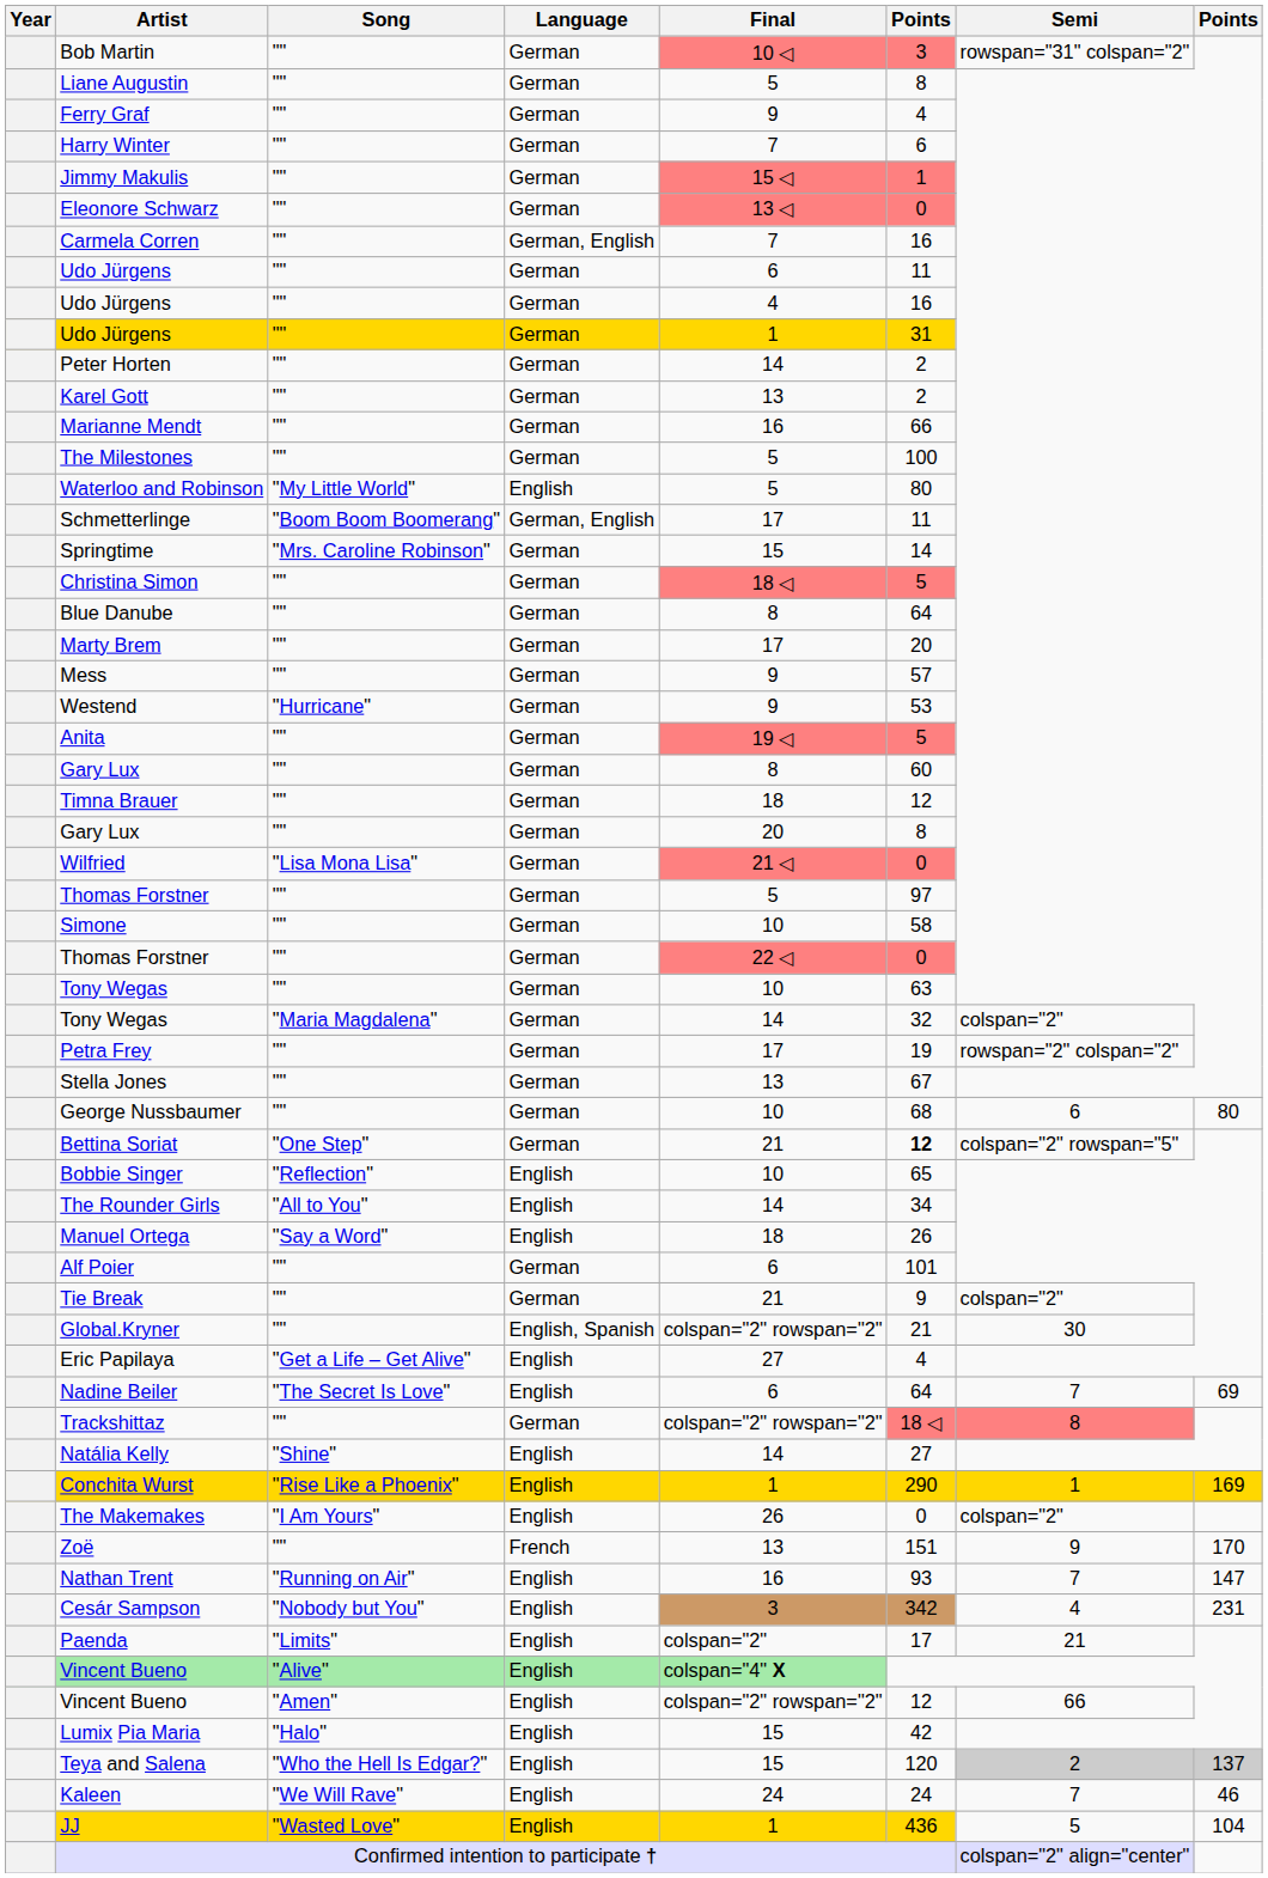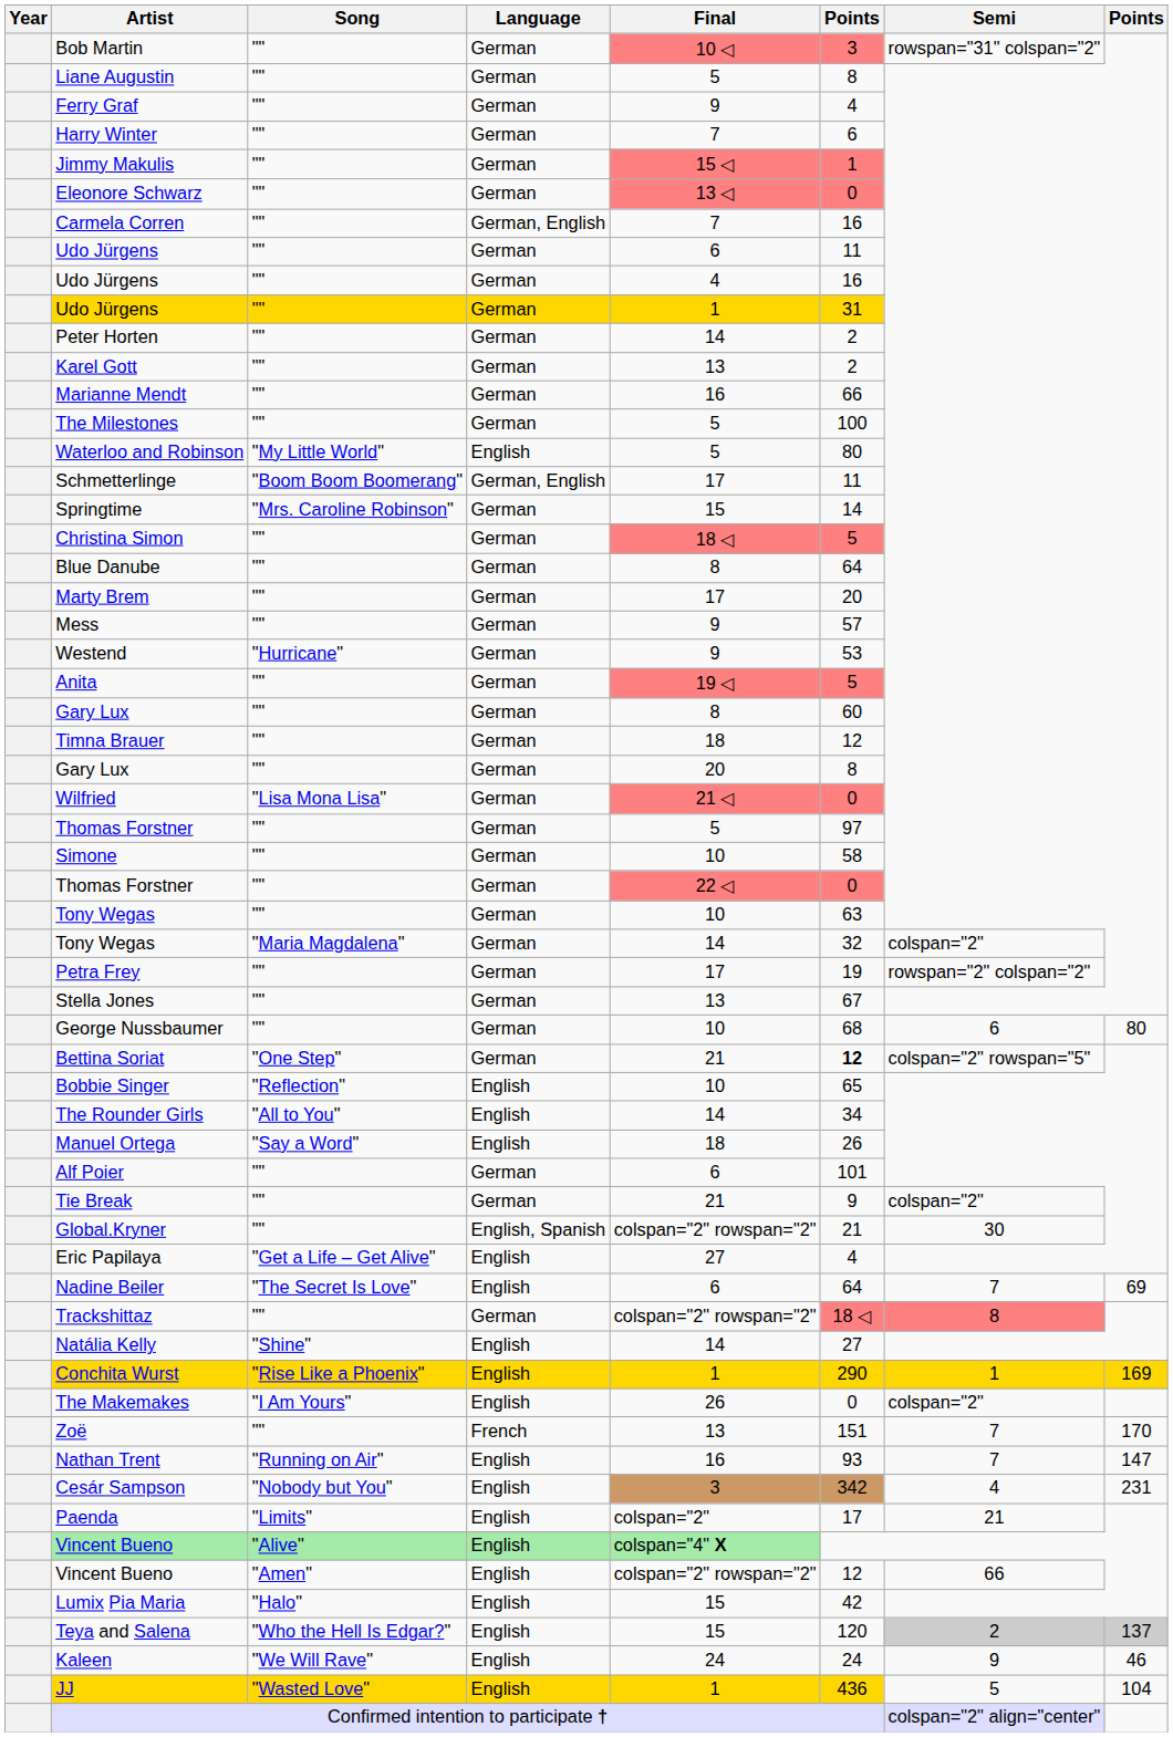 <table class="wikitable sortable plainrowheaders">
 <tr>
 <th scope="col">Year</th>
 <th scope="col">Artist</th>
 <th scope="col">Song</th>
 <th scope="col">Language</th>
 <th scope="col" data-sort-type="number">Final</th>
 <th scope="col" data-sort-type="number">Points</th>
 <th scope="col" data-sort-type="number">Semi</th>
 <th scope="col" data-sort-type="number">Points</th>
 </tr>
 <tr>
 <th scope="row" style="text-align:center;"></th>
 <td>Bob Martin</td>
 <td>""</td>
 <td>German</td>
 <td style="text-align:center; background-color:#FE8080;">10 ◁</td>
 <td style="text-align:center; background-color:#FE8080;">3</td>
 <td>rowspan="31" colspan="2" </td>
 </tr>
 <tr>
 <th scope="row" style="text-align:center;"></th>
 <td><a href='#'>Liane Augustin</a></td>
 <td>""</td>
 <td>German</td>
 <td style="text-align:center;">5</td>
 <td style="text-align:center;">8</td>
 </tr>
 <tr>
 <th scope="row" style="text-align:center;"></th>
 <td><a href='#'>Ferry Graf</a></td>
 <td>""</td>
 <td>German</td>
 <td style="text-align:center;">9</td>
 <td style="text-align:center;">4</td>
 </tr>
 <tr>
 <th scope="row" style="text-align:center;"></th>
 <td><a href='#'>Harry Winter</a></td>
 <td>""</td>
 <td>German</td>
 <td style="text-align:center;">7</td>
 <td style="text-align:center;">6</td>
 </tr>
 <tr>
 <th scope="row" style="text-align:center;"></th>
 <td><a href='#'>Jimmy Makulis</a></td>
 <td>""</td>
 <td>German</td>
 <td style="text-align:center; background-color:#FE8080;">15 ◁</td>
 <td style="text-align:center; background-color:#FE8080;">1</td>
 </tr>
 <tr>
 <th scope="row" style="text-align:center;"></th>
 <td><a href='#'>Eleonore Schwarz</a></td>
 <td>""</td>
 <td>German</td>
 <td style="text-align:center; background-color:#FE8080;">13 ◁</td>
 <td style="text-align:center; background-color:#FE8080;">0</td>
 </tr>
 <tr>
 <th scope="row" style="text-align:center;"></th>
 <td><a href='#'>Carmela Corren</a></td>
 <td>""</td>
 <td>German, English</td>
 <td style="text-align:center;">7</td>
 <td style="text-align:center;">16</td>
 </tr>
 <tr>
 <th scope="row" style="text-align:center;"></th>
 <td><a href='#'>Udo Jürgens</a></td>
 <td>""</td>
 <td>German</td>
 <td style="text-align:center;">6</td>
 <td style="text-align:center;">11</td>
 </tr>
 <tr>
 <th scope="row" style="text-align:center;"></th>
 <td>Udo Jürgens</td>
 <td>""</td>
 <td>German</td>
 <td style="text-align:center;">4</td>
 <td style="text-align:center;">16</td>
 </tr>
 <tr style="background-color:#FFD700">
 <th scope="row" style="text-align:center;"></th>
 <td>Udo Jürgens</td>
 <td>""</td>
 <td>German</td>
 <td style="text-align:center;">1</td>
 <td style="text-align:center;">31</td>
 </tr>
 <tr>
 <th scope="row" style="text-align:center;"></th>
 <td>Peter Horten</td>
 <td>""</td>
 <td>German</td>
 <td style="text-align:center;">14</td>
 <td style="text-align:center;">2</td>
 </tr>
 <tr>
 <th scope="row" style="text-align:center;"></th>
 <td><a href='#'>Karel Gott</a></td>
 <td>""</td>
 <td>German</td>
 <td style="text-align:center;">13</td>
 <td style="text-align:center;">2</td>
 </tr>
 <tr>
 <th scope="row" style="text-align:center;"></th>
 <td><a href='#'>Marianne Mendt</a></td>
 <td>""</td>
 <td>German</td>
 <td style="text-align:center;">16</td>
 <td style="text-align:center;">66</td>
 </tr>
 <tr>
 <th scope="row" style="text-align:center;"></th>
 <td><a href='#'>The Milestones</a></td>
 <td>""</td>
 <td>German</td>
 <td style="text-align:center;">5</td>
 <td style="text-align:center;">100</td>
 </tr>
 <tr>
 <th scope="row" style="text-align:center;"></th>
 <td><a href='#'>Waterloo and Robinson</a></td>
 <td>"<a href='#'>My Little World</a>"</td>
 <td>English</td>
 <td style="text-align:center;">5</td>
 <td style="text-align:center;">80</td>
 </tr>
 <tr>
 <th scope="row" style="text-align:center;"></th>
 <td>Schmetterlinge</td>
 <td>"<a href='#'>Boom Boom Boomerang</a>"</td>
 <td>German, English</td>
 <td style="text-align:center;">17</td>
 <td style="text-align:center;">11</td>
 </tr>
 <tr>
 <th scope="row" style="text-align:center;"></th>
 <td>Springtime</td>
 <td>"<a href='#'>Mrs. Caroline Robinson</a>"</td>
 <td>German</td>
 <td style="text-align:center;">15</td>
 <td style="text-align:center;">14</td>
 </tr>
 <tr>
 <th scope="row" style="text-align:center;"></th>
 <td><a href='#'>Christina Simon</a></td>
 <td>""</td>
 <td>German</td>
 <td style="text-align:center; background-color:#FE8080;">18 ◁</td>
 <td style="text-align:center; background-color:#FE8080;">5</td>
 </tr>
 <tr>
 <th scope="row" style="text-align:center;"></th>
 <td>Blue Danube</td>
 <td>""</td>
 <td>German</td>
 <td style="text-align:center;">8</td>
 <td style="text-align:center;">64</td>
 </tr>
 <tr>
 <th scope="row" style="text-align:center;"></th>
 <td><a href='#'>Marty Brem</a></td>
 <td>""</td>
 <td>German</td>
 <td style="text-align:center;">17</td>
 <td style="text-align:center;">20</td>
 </tr>
 <tr>
 <th scope="row" style="text-align:center;"></th>
 <td>Mess</td>
 <td>""</td>
 <td>German</td>
 <td style="text-align:center;">9</td>
 <td style="text-align:center;">57</td>
 </tr>
 <tr>
 <th scope="row" style="text-align:center;"></th>
 <td>Westend</td>
 <td>"<a href='#'>Hurricane</a>"</td>
 <td>German</td>
 <td style="text-align:center;">9</td>
 <td style="text-align:center;">53</td>
 </tr>
 <tr>
 <th scope="row" style="text-align:center;"></th>
 <td><a href='#'>Anita</a></td>
 <td>""</td>
 <td>German</td>
 <td style="text-align:center; background-color:#FE8080;">19 ◁</td>
 <td style="text-align:center; background-color:#FE8080;">5</td>
 </tr>
 <tr>
 <th scope="row" style="text-align:center;"></th>
 <td><a href='#'>Gary Lux</a></td>
 <td>""</td>
 <td>German</td>
 <td style="text-align:center;">8</td>
 <td style="text-align:center;">60</td>
 </tr>
 <tr>
 <th scope="row" style="text-align:center;"></th>
 <td><a href='#'>Timna Brauer</a></td>
 <td>""</td>
 <td>German</td>
 <td style="text-align:center;">18</td>
 <td style="text-align:center;">12</td>
 </tr>
 <tr>
 <th scope="row" style="text-align:center;"></th>
 <td>Gary Lux</td>
 <td>""</td>
 <td>German</td>
 <td style="text-align:center;">20</td>
 <td style="text-align:center;">8</td>
 </tr>
 <tr>
 <th scope="row" style="text-align:center;"></th>
 <td><a href='#'>Wilfried</a></td>
 <td>"<a href='#'>Lisa Mona Lisa</a>"</td>
 <td>German</td>
 <td style="text-align:center; background-color:#FE8080;">21 ◁</td>
 <td style="text-align:center; background-color:#FE8080;">0</td>
 </tr>
 <tr>
 <th scope="row" style="text-align:center;"></th>
 <td><a href='#'>Thomas Forstner</a></td>
 <td>""</td>
 <td>German</td>
 <td style="text-align:center;">5</td>
 <td style="text-align:center;">97</td>
 </tr>
 <tr>
 <th scope="row" style="text-align:center;"></th>
 <td><a href='#'>Simone</a></td>
 <td>""</td>
 <td>German</td>
 <td style="text-align:center;">10</td>
 <td style="text-align:center;">58</td>
 </tr>
 <tr>
 <th scope="row" style="text-align:center;"></th>
 <td>Thomas Forstner</td>
 <td>""</td>
 <td>German</td>
 <td style="text-align:center; background-color:#FE8080;">22 ◁</td>
 <td style="text-align:center; background-color:#FE8080;">0</td>
 </tr>
 <tr>
 <th scope="row" style="text-align:center;"></th>
 <td><a href='#'>Tony Wegas</a></td>
 <td>""</td>
 <td>German</td>
 <td style="text-align:center;">10</td>
 <td style="text-align:center;">63</td>
 </tr>
 <tr>
 <th scope="row" style="text-align:center;"></th>
 <td>Tony Wegas</td>
 <td>"<a href='#'>Maria Magdalena</a>"</td>
 <td>German</td>
 <td style="text-align:center;">14</td>
 <td style="text-align:center;">32</td>
 <td>colspan="2" </td>
 </tr>
 <tr>
 <th scope="row" style="text-align:center;"></th>
 <td><a href='#'>Petra Frey</a></td>
 <td>""</td>
 <td>German</td>
 <td style="text-align:center;">17</td>
 <td style="text-align:center;">19</td>
 <td>rowspan="2" colspan="2" </td>
 </tr>
 <tr>
 <th scope="row" style="text-align:center;"></th>
 <td>Stella Jones</td>
 <td>""</td>
 <td>German</td>
 <td style="text-align:center;">13</td>
 <td style="text-align:center;">67</td>
 </tr>
 <tr>
 <th scope="row" style="text-align:center;"></th>
 <td>George Nussbaumer</td>
 <td>""</td>
 <td>German</td>
 <td style="text-align:center;">10</td>
 <td style="text-align:center;">68</td>
 <td style="text-align:center;">6</td>
 <td style="text-align:center;">80</td>
 </tr>
 <tr>
 <th scope="row" style="text-align:center;"></th>
 <td><a href='#'>Bettina Soriat</a></td>
 <td>"<a href='#'>One Step</a>"</td>
 <td>German</td>
 <td style="text-align:center;">21</td>
 <td style="text-align:center;"><strong>12</strong></td>
 <td>colspan="2" rowspan="5" </td>
 </tr>
 <tr>
 <th scope="row" style="text-align:center;"></th>
 <td><a href='#'>Bobbie Singer</a></td>
 <td>"<a href='#'>Reflection</a>"</td>
 <td>English</td>
 <td style="text-align:center;">10</td>
 <td style="text-align:center;">65</td>
 </tr>
 <tr>
 <th scope="row" style="text-align:center;"></th>
 <td><a href='#'>The Rounder Girls</a></td>
 <td>"<a href='#'>All to You</a>"</td>
 <td>English</td>
 <td style="text-align:center;">14</td>
 <td style="text-align:center;">34</td>
 </tr>
 <tr>
 <th scope="row" style="text-align:center;"></th>
 <td><a href='#'>Manuel Ortega</a></td>
 <td>"<a href='#'>Say a Word</a>"</td>
 <td>English</td>
 <td style="text-align:center;">18</td>
 <td style="text-align:center;">26</td>
 </tr>
 <tr>
 <th scope="row" style="text-align:center;"></th>
 <td><a href='#'>Alf Poier</a></td>
 <td>""</td>
 <td>German</td>
 <td style="text-align:center;">6</td>
 <td style="text-align:center;">101</td>
 </tr>
 <tr>
 <th scope="row" style="text-align:center;"></th>
 <td><a href='#'>Tie Break</a></td>
 <td>""</td>
 <td>German</td>
 <td style="text-align:center;">21</td>
 <td style="text-align:center;">9</td>
 <td>colspan="2" </td>
 </tr>
 <tr>
 <th scope="row" style="text-align:center;"></th>
 <td><a href='#'>Global.Kryner</a></td>
 <td>""</td>
 <td>English, Spanish</td>
 <td>colspan="2" rowspan="2" </td>
 <td style="text-align:center;">21</td>
 <td style="text-align:center;">30</td>
 </tr>
 <tr>
 <th scope="row" style="text-align:center;"></th>
 <td>Eric Papilaya</td>
 <td>"<a href='#'>Get a Life – Get Alive</a>"</td>
 <td>English</td>
 <td style="text-align:center;">27</td>
 <td style="text-align:center;">4</td>
 </tr>
 <tr>
 <th scope="row" style="text-align:center;"></th>
 <td><a href='#'>Nadine Beiler</a></td>
 <td>"<a href='#'>The Secret Is Love</a>"</td>
 <td>English</td>
 <td style="text-align:center;">6</td>
 <td style="text-align:center;">64</td>
 <td style="text-align:center;">7</td>
 <td style="text-align:center;">69</td>
 </tr>
 <tr>
 <th scope="row" style="text-align:center;"></th>
 <td><a href='#'>Trackshittaz</a></td>
 <td>""</td>
 <td>German</td>
 <td>colspan="2" rowspan="2" </td>
 <td style="text-align:center; background-color:#FE8080;">18 ◁</td>
 <td style="text-align:center; background-color:#FE8080;">8</td>
 </tr>
 <tr>
 <th scope="row" style="text-align:center;"></th>
 <td><a href='#'>Natália Kelly</a></td>
 <td>"<a href='#'>Shine</a>"</td>
 <td>English</td>
 <td style="text-align:center;">14</td>
 <td style="text-align:center;">27</td>
 </tr>
 <tr style="background-color:#FFD700">
 <th scope="row" style="text-align:center;"></th>
 <td><a href='#'>Conchita Wurst</a></td>
 <td>"<a href='#'>Rise Like a Phoenix</a>"</td>
 <td>English</td>
 <td style="text-align:center;">1</td>
 <td style="text-align:center;">290</td>
 <td style="text-align:center;">1</td>
 <td style="text-align:center;">169</td>
 </tr>
 <tr>
 <th scope="row" style="text-align:center;"></th>
 <td><a href='#'>The Makemakes</a></td>
 <td>"<a href='#'>I Am Yours</a>"</td>
 <td>English</td>
 <td style="text-align:center;">26</td>
 <td style="text-align:center;">0</td>
 <td>colspan="2" </td>
 </tr>
 <tr>
 <th scope="row" style="text-align:center;"></th>
 <td><a href='#'>Zoë</a></td>
 <td>""</td>
 <td>French</td>
 <td style="text-align:center;">13</td>
 <td style="text-align:center;">151</td>
-<td style="text-align:center;">9</td>
+<td style="text-align:center;">7</td>
 <td style="text-align:center;">170</td>
 </tr>
 <tr>
 <th scope="row" style="text-align:center;"></th>
 <td><a href='#'>Nathan Trent</a></td>
 <td>"<a href='#'>Running on Air</a>"</td>
 <td>English</td>
 <td style="text-align:center;">16</td>
 <td style="text-align:center;">93</td>
 <td style="text-align:center;">7</td>
 <td style="text-align:center;">147</td>
 </tr>
 <tr>
 <th scope="row" style="text-align:center;"></th>
 <td><a href='#'>Cesár Sampson</a></td>
 <td>"<a href='#'>Nobody but You</a>"</td>
 <td>English</td>
 <td style="text-align:center; background-color:#C96">3</td>
 <td style="text-align:center; background-color:#C96">342</td>
 <td style="text-align:center;">4</td>
 <td style="text-align:center;">231</td>
 </tr>
 <tr>
 <th scope="row" style="text-align:center;"></th>
 <td><a href='#'>Paenda</a></td>
 <td>"<a href='#'>Limits</a>"</td>
 <td>English</td>
 <td>colspan="2" </td>
 <td style="text-align:center;">17</td>
 <td style="text-align:center;">21</td>
 </tr>
 <tr style="background-color:#A4EAA9;">
 <th scope="row" style="text-align:center;"></th>
 <td><a href='#'>Vincent Bueno</a></td>
 <td>"<a href='#'>Alive</a>"</td>
 <td>English</td>
 <td>colspan="4"  <strong>X</strong></td>
 </tr>
 <tr>
 <th scope="row" style="text-align:center;"></th>
 <td>Vincent Bueno</td>
 <td>"<a href='#'>Amen</a>"</td>
 <td>English</td>
 <td>colspan="2" rowspan="2" </td>
 <td style="text-align:center;">12</td>
 <td style="text-align:center;">66</td>
 </tr>
 <tr>
 <th scope="row" style="text-align:center;"></th>
 <td><a href='#'>Lumix</a>  <a href='#'>Pia Maria</a></td>
 <td>"<a href='#'>Halo</a>"</td>
 <td>English</td>
 <td style="text-align:center;">15</td>
 <td style="text-align:center;">42</td>
 </tr>
 <tr>
 <th scope="row" style="text-align:center;"></th>
 <td><a href='#'>Teya</a> and <a href='#'>Salena</a></td>
 <td>"<a href='#'>Who the Hell Is Edgar?</a>"</td>
 <td>English</td>
 <td style="text-align:center;">15</td>
 <td style="text-align:center;">120</td>
 <td style="text-align:center; background-color:#CCC">2</td>
 <td style="text-align:center; background-color:#CCC">137</td>
 </tr>
 <tr>
 <th scope="row" style="text-align:center;"></th>
 <td><a href='#'>Kaleen</a></td>
 <td>"<a href='#'>We Will Rave</a>"</td>
 <td>English</td>
 <td style="text-align:center;">24</td>
 <td style="text-align:center;">24</td>
-<td style="text-align:center;">7</td>
+<td style="text-align:center;">9</td>
 <td style="text-align:center;">46</td>
 </tr>
 <tr>
 <th scope="row" style="text-align:center;"></th>
 <td style="background-color:#FFD700;"><a href='#'>JJ</a></td>
 <td style="background-color:#FFD700;">"<a href='#'>Wasted Love</a>"</td>
 <td style="background-color:#FFD700;">English</td>
 <td style="text-align:center; background-color:#FFD700;">1</td>
 <td style="text-align:center; background-color:#FFD700;">436</td>
 <td style="text-align:center;">5</td>
 <td style="text-align:center;">104</td>
 </tr>
 <tr bgcolor=#ddf>
 <th scope="row" style="text-align:center;"></th>
 <td colspan="5" align="center">Confirmed intention to participate <strong>†</strong></td>
 <td>colspan="2" align="center" </td>
 </tr>
 </table>
